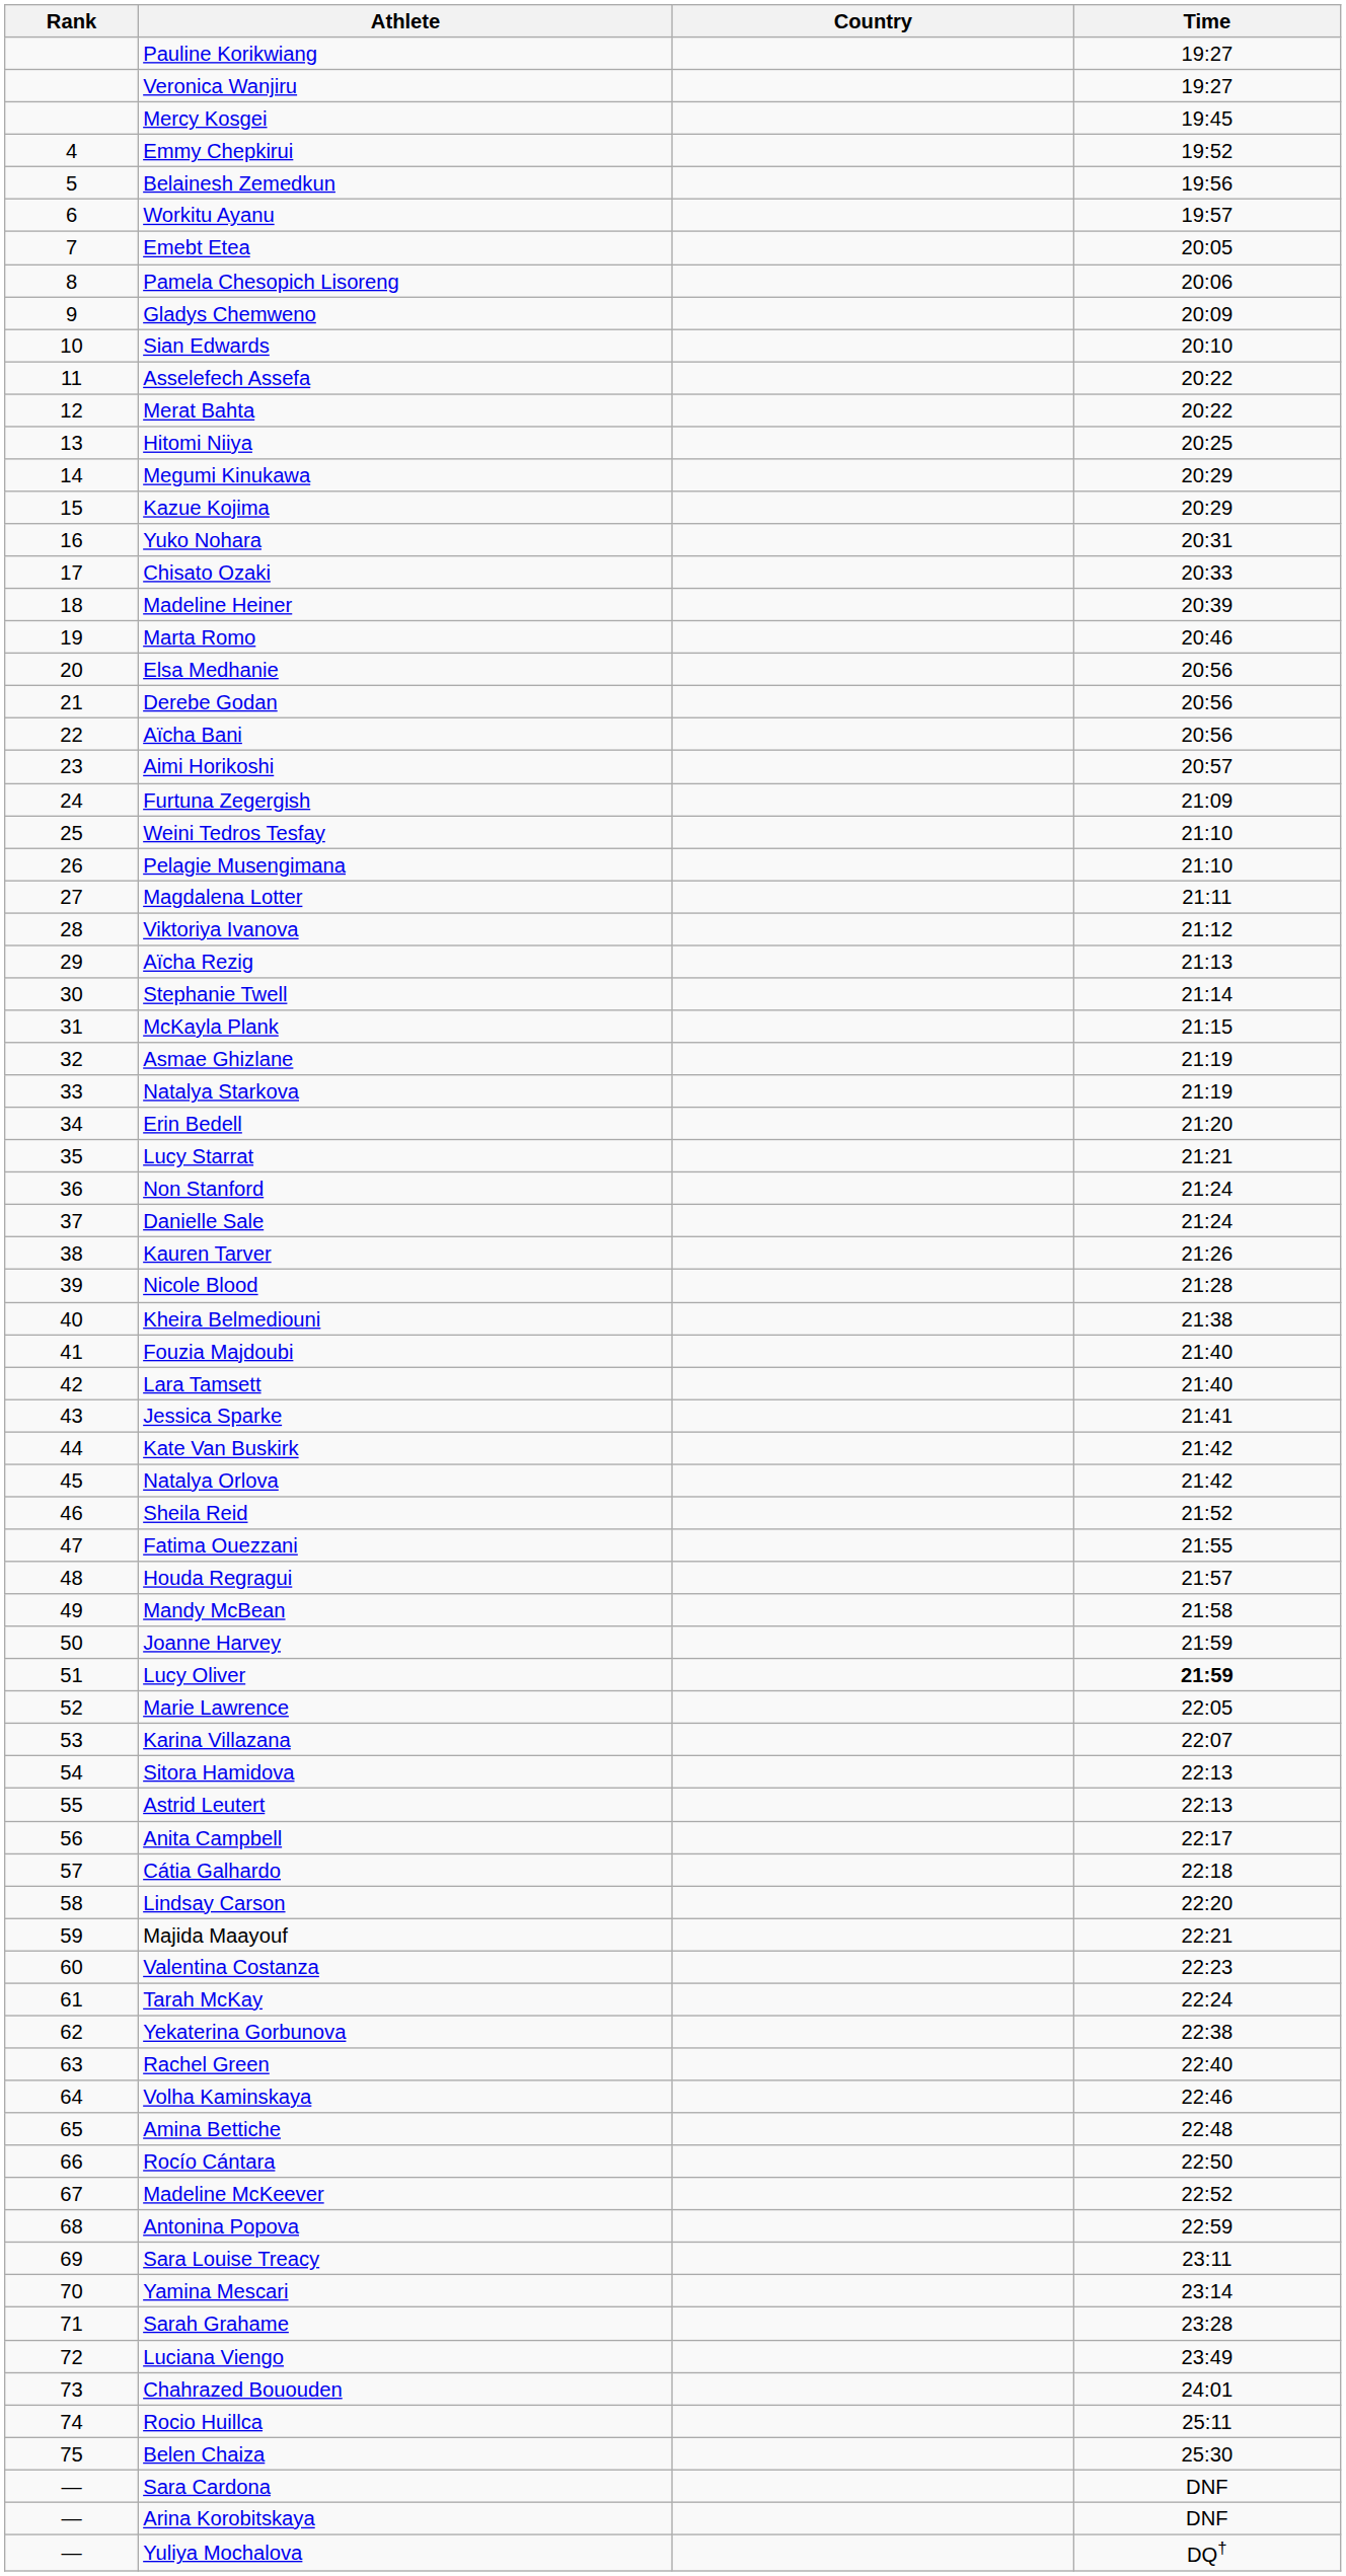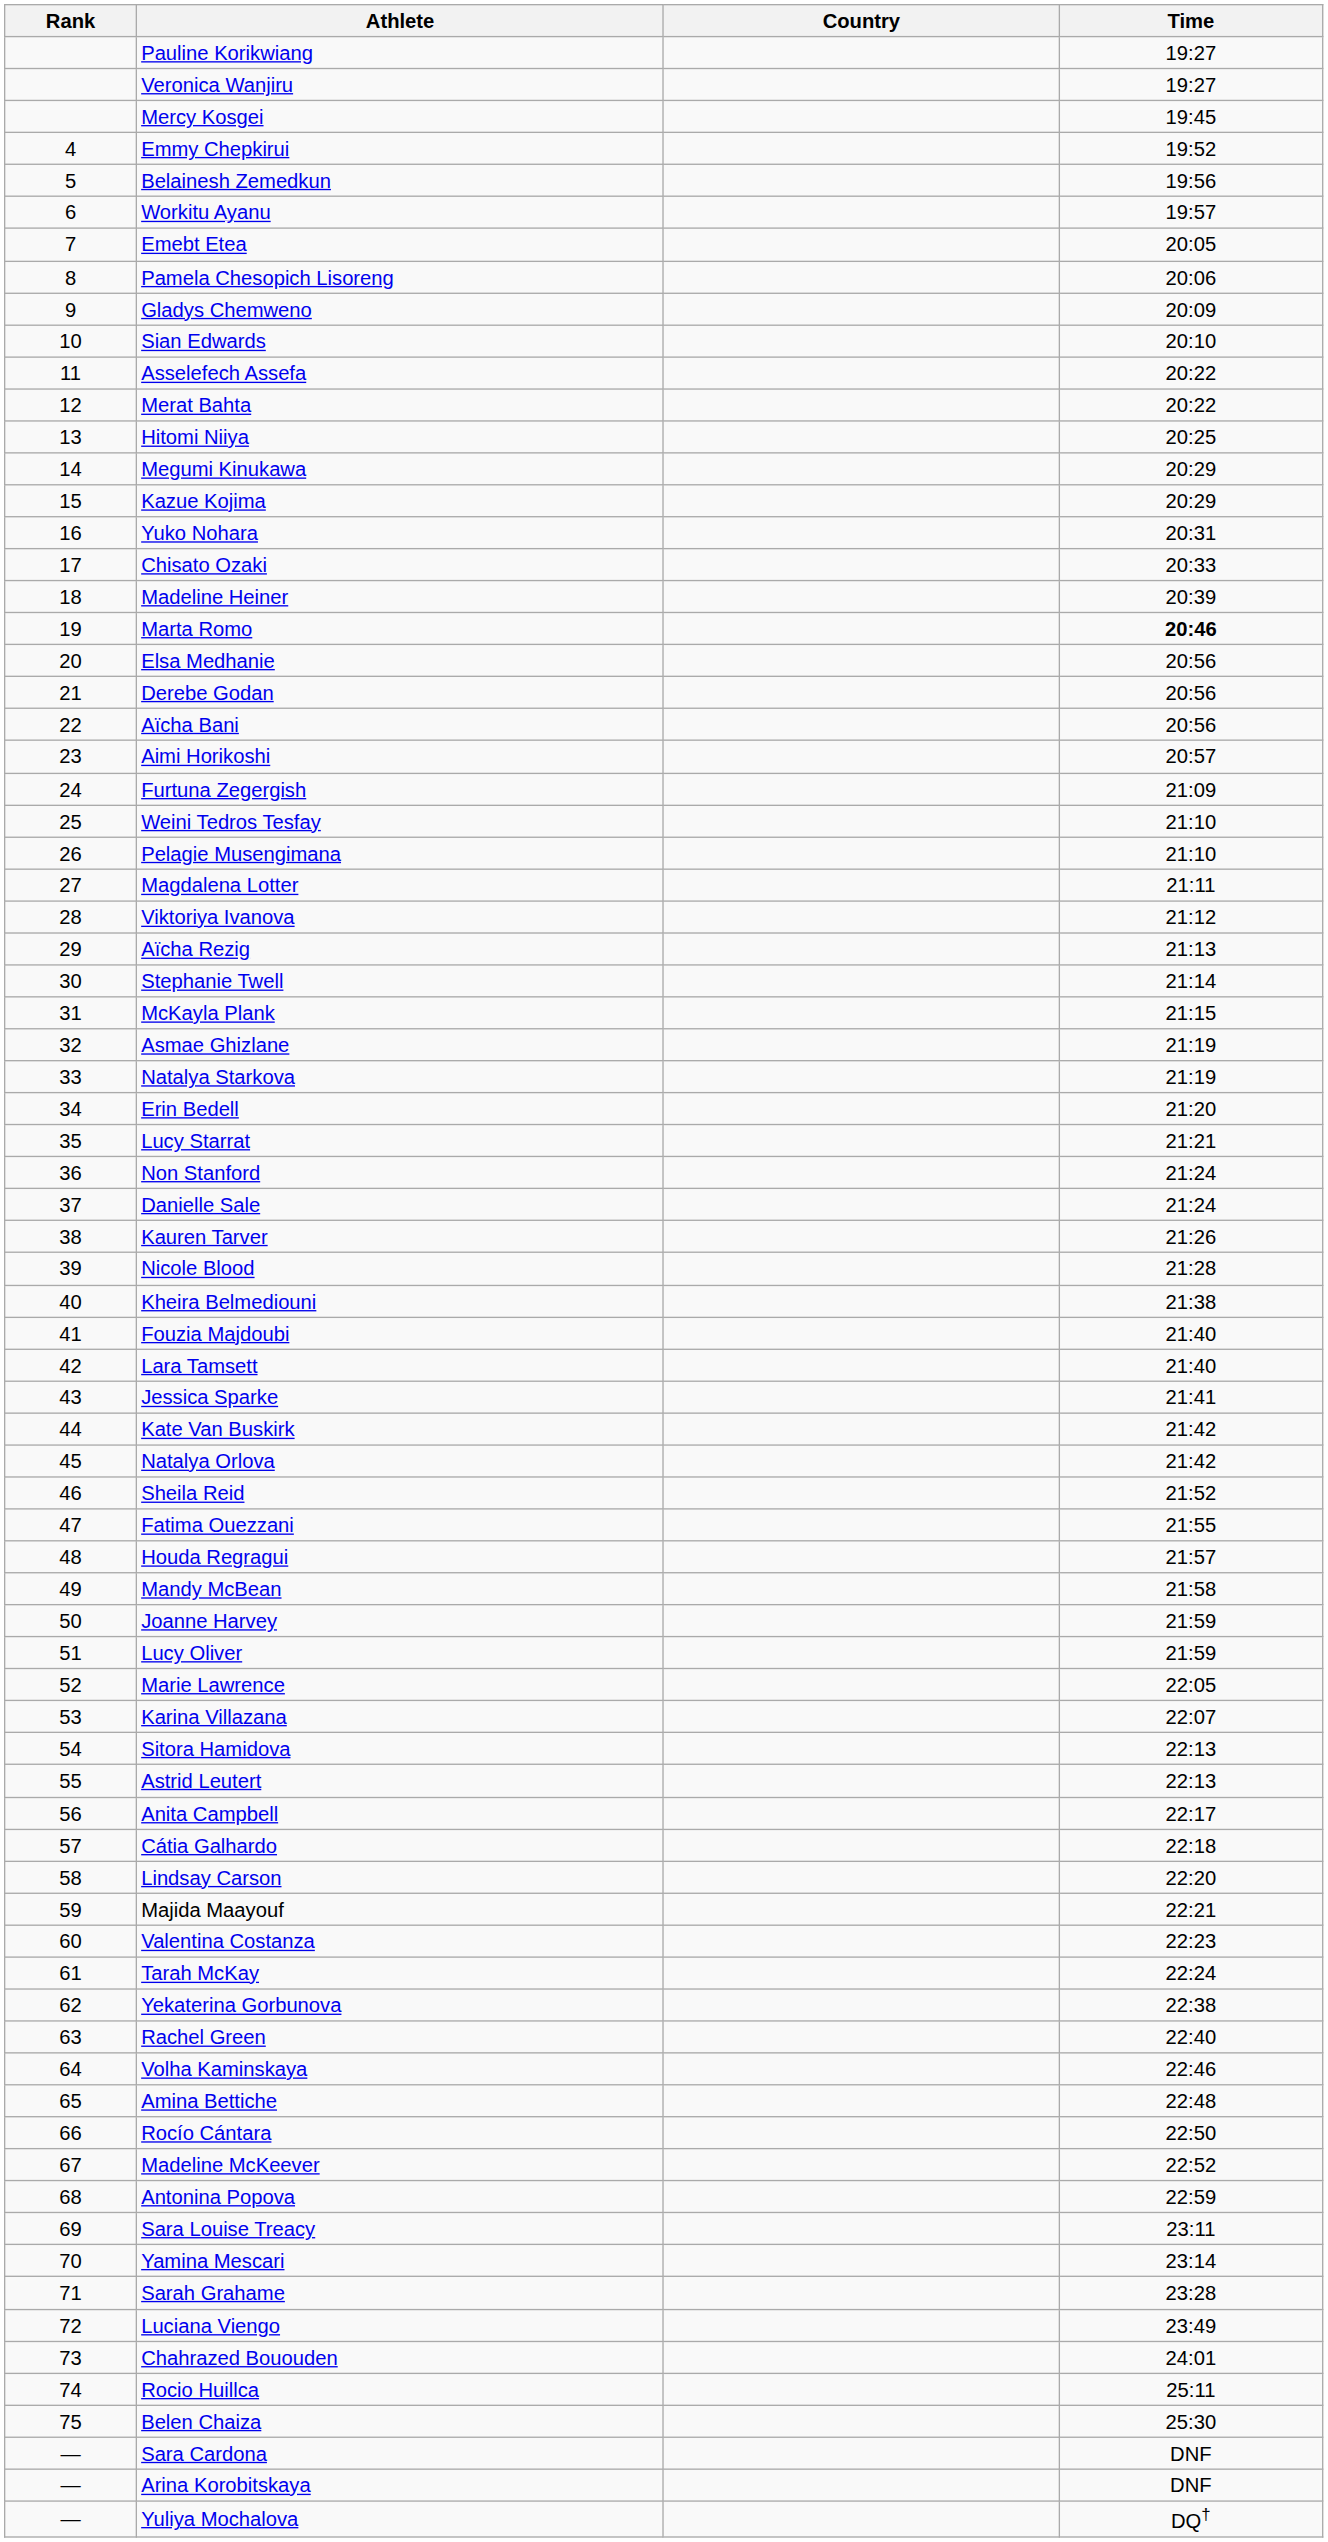 <table class="wikitable sortable" style=" text-align:center; font-size:95%;" width="50%">
 <tr>
 <th width=5%>Rank</th>
 <th width=20%>Athlete</th>
 <th width=15%>Country</th>
 <th width=10%>Time</th>
 </tr>
 <tr>
 <td align=center></td>
 <td align=left><a href='#'>Pauline Korikwiang</a></td>
 <td align=left></td>
 <td>19:27</td>
 </tr>
 <tr>
 <td align=center></td>
 <td align=left><a href='#'>Veronica Wanjiru</a></td>
 <td align=left></td>
 <td>19:27</td>
 </tr>
 <tr>
 <td align=center></td>
 <td align=left><a href='#'>Mercy Kosgei</a></td>
 <td align=left></td>
 <td>19:45</td>
 </tr>
 <tr>
 <td align=center>4</td>
 <td align=left><a href='#'>Emmy Chepkirui</a></td>
 <td align=left></td>
 <td>19:52</td>
 </tr>
 <tr>
 <td align=center>5</td>
 <td align=left><a href='#'>Belainesh Zemedkun</a></td>
 <td align=left></td>
 <td>19:56</td>
 </tr>
 <tr>
 <td align=center>6</td>
 <td align=left><a href='#'>Workitu Ayanu</a></td>
 <td align=left></td>
 <td>19:57</td>
 </tr>
 <tr>
 <td align=center>7</td>
 <td align=left><a href='#'>Emebt Etea</a></td>
 <td align=left></td>
 <td>20:05</td>
 </tr>
 <tr>
 <td align=center>8</td>
 <td align=left><a href='#'>Pamela Chesopich Lisoreng</a></td>
 <td align=left></td>
 <td>20:06</td>
 </tr>
 <tr>
 <td align=center>9</td>
 <td align=left><a href='#'>Gladys Chemweno</a></td>
 <td align=left></td>
 <td>20:09</td>
 </tr>
 <tr>
 <td align=center>10</td>
 <td align=left><a href='#'>Sian Edwards</a></td>
 <td align=left></td>
 <td>20:10</td>
 </tr>
 <tr>
 <td align=center>11</td>
 <td align=left><a href='#'>Asselefech Assefa</a></td>
 <td align=left></td>
 <td>20:22</td>
 </tr>
 <tr>
 <td align=center>12</td>
 <td align=left><a href='#'>Merat Bahta</a></td>
 <td align=left></td>
 <td>20:22</td>
 </tr>
 <tr>
 <td align=center>13</td>
 <td align=left><a href='#'>Hitomi Niiya</a></td>
 <td align=left></td>
 <td>20:25</td>
 </tr>
 <tr>
 <td align=center>14</td>
 <td align=left><a href='#'>Megumi Kinukawa</a></td>
 <td align=left></td>
 <td>20:29</td>
 </tr>
 <tr>
 <td align=center>15</td>
 <td align=left><a href='#'>Kazue Kojima</a></td>
 <td align=left></td>
 <td>20:29</td>
 </tr>
 <tr>
 <td align=center>16</td>
 <td align=left><a href='#'>Yuko Nohara</a></td>
 <td align=left></td>
 <td>20:31</td>
 </tr>
 <tr>
 <td align=center>17</td>
 <td align=left><a href='#'>Chisato Ozaki</a></td>
 <td align=left></td>
 <td>20:33</td>
 </tr>
 <tr>
 <td align=center>18</td>
 <td align=left><a href='#'>Madeline Heiner</a></td>
 <td align=left></td>
 <td>20:39</td>
 </tr>
 <tr>
 <td align=center>19</td>
 <td align=left><a href='#'>Marta Romo</a></td>
 <td align=left></td>
-<td>20:46</td>
+<td><strong>20:46</strong></td>
 </tr>
 <tr>
 <td align=center>20</td>
 <td align=left><a href='#'>Elsa Medhanie</a></td>
 <td align=left></td>
 <td>20:56</td>
 </tr>
 <tr>
 <td align=center>21</td>
 <td align=left><a href='#'>Derebe Godan</a></td>
 <td align=left></td>
 <td>20:56</td>
 </tr>
 <tr>
 <td align=center>22</td>
 <td align=left><a href='#'>Aïcha Bani</a></td>
 <td align=left></td>
 <td>20:56</td>
 </tr>
 <tr>
 <td align=center>23</td>
 <td align=left><a href='#'>Aimi Horikoshi</a></td>
 <td align=left></td>
 <td>20:57</td>
 </tr>
 <tr>
 <td align=center>24</td>
 <td align=left><a href='#'>Furtuna Zegergish</a></td>
 <td align=left></td>
 <td>21:09</td>
 </tr>
 <tr>
 <td align=center>25</td>
 <td align=left><a href='#'>Weini Tedros Tesfay</a></td>
 <td align=left></td>
 <td>21:10</td>
 </tr>
 <tr>
 <td align=center>26</td>
 <td align=left><a href='#'>Pelagie Musengimana</a></td>
 <td align=left></td>
 <td>21:10</td>
 </tr>
 <tr>
 <td align=center>27</td>
 <td align=left><a href='#'>Magdalena Lotter</a></td>
 <td align=left></td>
 <td>21:11</td>
 </tr>
 <tr>
 <td align=center>28</td>
 <td align=left><a href='#'>Viktoriya Ivanova</a></td>
 <td align=left></td>
 <td>21:12</td>
 </tr>
 <tr>
 <td align=center>29</td>
 <td align=left><a href='#'>Aïcha Rezig</a></td>
 <td align=left></td>
 <td>21:13</td>
 </tr>
 <tr>
 <td align=center>30</td>
 <td align=left><a href='#'>Stephanie Twell</a></td>
 <td align=left></td>
 <td>21:14</td>
 </tr>
 <tr>
 <td align=center>31</td>
 <td align=left><a href='#'>McKayla Plank</a></td>
 <td align=left></td>
 <td>21:15</td>
 </tr>
 <tr>
 <td align=center>32</td>
 <td align=left><a href='#'>Asmae Ghizlane</a></td>
 <td align=left></td>
 <td>21:19</td>
 </tr>
 <tr>
 <td align=center>33</td>
 <td align=left><a href='#'>Natalya Starkova</a></td>
 <td align=left></td>
 <td>21:19</td>
 </tr>
 <tr>
 <td align=center>34</td>
 <td align=left><a href='#'>Erin Bedell</a></td>
 <td align=left></td>
 <td>21:20</td>
 </tr>
 <tr>
 <td align=center>35</td>
 <td align=left><a href='#'>Lucy Starrat</a></td>
 <td align=left></td>
 <td>21:21</td>
 </tr>
 <tr>
 <td align=center>36</td>
 <td align=left><a href='#'>Non Stanford</a></td>
 <td align=left></td>
 <td>21:24</td>
 </tr>
 <tr>
 <td align=center>37</td>
 <td align=left><a href='#'>Danielle Sale</a></td>
 <td align=left></td>
 <td>21:24</td>
 </tr>
 <tr>
 <td align=center>38</td>
 <td align=left><a href='#'>Kauren Tarver</a></td>
 <td align=left></td>
 <td>21:26</td>
 </tr>
 <tr>
 <td align=center>39</td>
 <td align=left><a href='#'>Nicole Blood</a></td>
 <td align=left></td>
 <td>21:28</td>
 </tr>
 <tr>
 <td align=center>40</td>
 <td align=left><a href='#'>Kheira Belmediouni</a></td>
 <td align=left></td>
 <td>21:38</td>
 </tr>
 <tr>
 <td align=center>41</td>
 <td align=left><a href='#'>Fouzia Majdoubi</a></td>
 <td align=left></td>
 <td>21:40</td>
 </tr>
 <tr>
 <td align=center>42</td>
 <td align=left><a href='#'>Lara Tamsett</a></td>
 <td align=left></td>
 <td>21:40</td>
 </tr>
 <tr>
 <td align=center>43</td>
 <td align=left><a href='#'>Jessica Sparke</a></td>
 <td align=left></td>
 <td>21:41</td>
 </tr>
 <tr>
 <td align=center>44</td>
 <td align=left><a href='#'>Kate Van Buskirk</a></td>
 <td align=left></td>
 <td>21:42</td>
 </tr>
 <tr>
 <td align=center>45</td>
 <td align=left><a href='#'>Natalya Orlova</a></td>
 <td align=left></td>
 <td>21:42</td>
 </tr>
 <tr>
 <td align=center>46</td>
 <td align=left><a href='#'>Sheila Reid</a></td>
 <td align=left></td>
 <td>21:52</td>
 </tr>
 <tr>
 <td align=center>47</td>
 <td align=left><a href='#'>Fatima Ouezzani</a></td>
 <td align=left></td>
 <td>21:55</td>
 </tr>
 <tr>
 <td align=center>48</td>
 <td align=left><a href='#'>Houda Regragui</a></td>
 <td align=left></td>
 <td>21:57</td>
 </tr>
 <tr>
 <td align=center>49</td>
 <td align=left><a href='#'>Mandy McBean</a></td>
 <td align=left></td>
 <td>21:58</td>
 </tr>
 <tr>
 <td align=center>50</td>
 <td align=left><a href='#'>Joanne Harvey</a></td>
 <td align=left></td>
 <td>21:59</td>
 </tr>
 <tr>
 <td align=center>51</td>
 <td align=left><a href='#'>Lucy Oliver</a></td>
 <td align=left></td>
-<td><strong>21:59</strong></td>
+<td>21:59</td>
 </tr>
 <tr>
 <td align=center>52</td>
 <td align=left><a href='#'>Marie Lawrence</a></td>
 <td align=left></td>
 <td>22:05</td>
 </tr>
 <tr>
 <td align=center>53</td>
 <td align=left><a href='#'>Karina Villazana</a></td>
 <td align=left></td>
 <td>22:07</td>
 </tr>
 <tr>
 <td align=center>54</td>
 <td align=left><a href='#'>Sitora Hamidova</a></td>
 <td align=left></td>
 <td>22:13</td>
 </tr>
 <tr>
 <td align=center>55</td>
 <td align=left><a href='#'>Astrid Leutert</a></td>
 <td align=left></td>
 <td>22:13</td>
 </tr>
 <tr>
 <td align=center>56</td>
 <td align=left><a href='#'>Anita Campbell</a></td>
 <td align=left></td>
 <td>22:17</td>
 </tr>
 <tr>
 <td align=center>57</td>
 <td align=left><a href='#'>Cátia Galhardo</a></td>
 <td align=left></td>
 <td>22:18</td>
 </tr>
 <tr>
 <td align=center>58</td>
 <td align=left><a href='#'>Lindsay Carson</a></td>
 <td align=left></td>
 <td>22:20</td>
 </tr>
 <tr>
 <td align=center>59</td>
 <td align=left>Majida Maayouf</td>
 <td align=left></td>
 <td>22:21</td>
 </tr>
 <tr>
 <td align=center>60</td>
 <td align=left><a href='#'>Valentina Costanza</a></td>
 <td align=left></td>
 <td>22:23</td>
 </tr>
 <tr>
 <td align=center>61</td>
 <td align=left><a href='#'>Tarah McKay</a></td>
 <td align=left></td>
 <td>22:24</td>
 </tr>
 <tr>
 <td align=center>62</td>
 <td align=left><a href='#'>Yekaterina Gorbunova</a></td>
 <td align=left></td>
 <td>22:38</td>
 </tr>
 <tr>
 <td align=center>63</td>
 <td align=left><a href='#'>Rachel Green</a></td>
 <td align=left></td>
 <td>22:40</td>
 </tr>
 <tr>
 <td align=center>64</td>
 <td align=left><a href='#'>Volha Kaminskaya</a></td>
 <td align=left></td>
 <td>22:46</td>
 </tr>
 <tr>
 <td align=center>65</td>
 <td align=left><a href='#'>Amina Bettiche</a></td>
 <td align=left></td>
 <td>22:48</td>
 </tr>
 <tr>
 <td align=center>66</td>
 <td align=left><a href='#'>Rocío Cántara</a></td>
 <td align=left></td>
 <td>22:50</td>
 </tr>
 <tr>
 <td align=center>67</td>
 <td align=left><a href='#'>Madeline McKeever</a></td>
 <td align=left></td>
 <td>22:52</td>
 </tr>
 <tr>
 <td align=center>68</td>
 <td align=left><a href='#'>Antonina Popova</a></td>
 <td align=left></td>
 <td>22:59</td>
 </tr>
 <tr>
 <td align=center>69</td>
 <td align=left><a href='#'>Sara Louise Treacy</a></td>
 <td align=left></td>
 <td>23:11</td>
 </tr>
 <tr>
 <td align=center>70</td>
 <td align=left><a href='#'>Yamina Mescari</a></td>
 <td align=left></td>
 <td>23:14</td>
 </tr>
 <tr>
 <td align=center>71</td>
 <td align=left><a href='#'>Sarah Grahame</a></td>
 <td align=left></td>
 <td>23:28</td>
 </tr>
 <tr>
 <td align=center>72</td>
 <td align=left><a href='#'>Luciana Viengo</a></td>
 <td align=left></td>
 <td>23:49</td>
 </tr>
 <tr>
 <td align=center>73</td>
 <td align=left><a href='#'>Chahrazed Bououden</a></td>
 <td align=left></td>
 <td>24:01</td>
 </tr>
 <tr>
 <td align=center>74</td>
 <td align=left><a href='#'>Rocio Huillca</a></td>
 <td align=left></td>
 <td>25:11</td>
 </tr>
 <tr>
 <td align=center>75</td>
 <td align=left><a href='#'>Belen Chaiza</a></td>
 <td align=left></td>
 <td>25:30</td>
 </tr>
 <tr>
 <td align=center>—</td>
 <td align=left><a href='#'>Sara Cardona</a></td>
 <td align=left></td>
 <td>DNF</td>
 </tr>
 <tr>
 <td align=center>—</td>
 <td align=left><a href='#'>Arina Korobitskaya</a></td>
 <td align=left></td>
 <td>DNF</td>
 </tr>
 <tr>
 <td align=center>—</td>
 <td align=left><a href='#'>Yuliya Mochalova</a></td>
 <td align=left></td>
 <td>DQ<sup>†</sup></td>
 </tr>
 </table>
